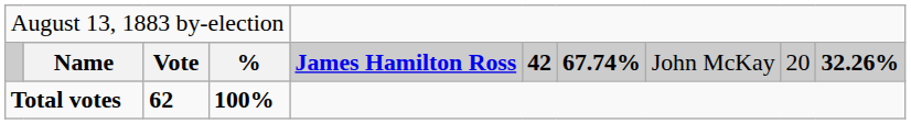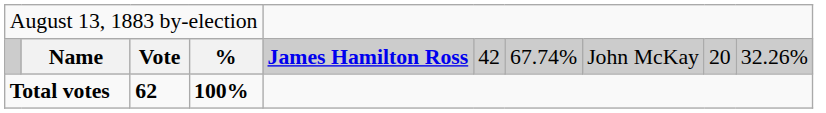 <table class="wikitable">
 <tr>
 <td colspan=4 align=center>August 13, 1883 by-election</td>
 </tr>
 <tr bgcolor="CCCCCC">
 <td></td>
 <th>Name</th>
 <th>Vote</th>
 <th>%<br></th>
 <td><strong><a href='#'>James Hamilton Ross</a></strong></td>
-<td><strong>42</strong></td>
-<td><strong>67.74%<br></strong></td>
+<td>42</td>
+<td>67.74%<br></td>
 <td>John McKay</td>
 <td>20</td>
-<td><strong>32.26%</strong></td>
+<td>32.26%</td>
 </tr>
 <tr>
 <td colspan=2><strong>Total votes</strong></td>
 <td><strong>62</strong></td>
 <td alignment="left"><strong>100%</strong></td>
 </tr>
 </table>
